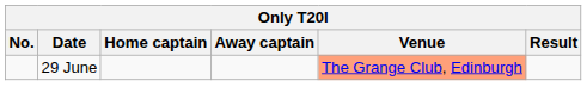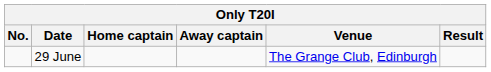 <table class="wikitable">
 <tr>
 <th colspan="9">Only T20I</th>
 </tr>
 <tr>
 <th>No.</th>
 <th>Date</th>
 <th>Home captain</th>
 <th>Away captain</th>
 <th>Venue</th>
 <th>Result</th>
 </tr>
 <tr>
 <td></td>
 <td>29 June</td>
 <td></td>
 <td></td>
-<td style="background: lightsalmon;"><a href='#'>The Grange Club</a>, <a href='#'>Edinburgh</a></td>
+<td><a href='#'>The Grange Club</a>, <a href='#'>Edinburgh</a></td>
 <td></td>
 </tr>
 </table>
